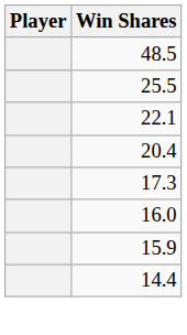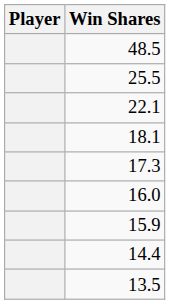 <table class="wikitable sortable">
 <tr>
 <th scope="col">Player</th>
 <th scope="col">Win Shares</th>
 </tr>
 <tr>
 <th scope="row"></th>
 <td style="text-align:right">48.5</td>
 </tr>
 <tr>
 <th scope="row"></th>
 <td style="text-align:right">25.5</td>
 </tr>
 <tr>
 <th scope="row"></th>
 <td style="text-align:right">22.1</td>
 </tr>
 <tr>
-<th scope="row"></th>
-<td style="text-align:right">20.4</td>
+<th scope="row"><em></em></th>
+<td style="text-align:right">18.1</td>
 </tr>
 <tr>
 <th scope="row"></th>
 <td style="text-align:right">17.3</td>
 </tr>
 <tr>
 <th scope="row"></th>
 <td style="text-align:right">16.0</td>
 </tr>
 <tr>
 <th scope="row"></th>
 <td style="text-align:right">15.9</td>
 </tr>
 <tr>
 <th scope="row"></th>
 <td style="text-align:right">14.4</td>
 </tr>
+<tr>
+<th scope="row"></th>
+<td style="text-align:right">13.5</td>
+</tr>
 </table>
